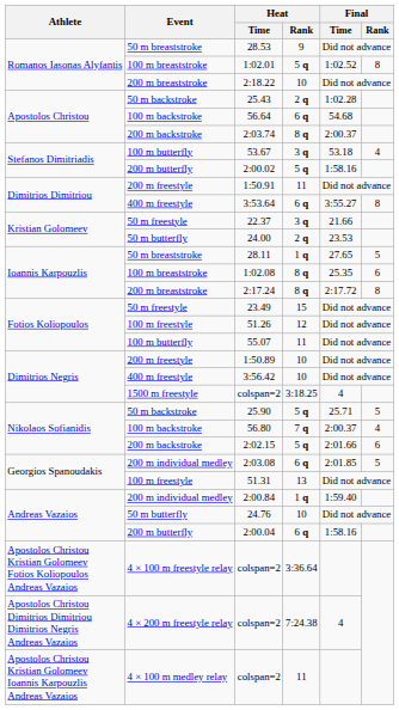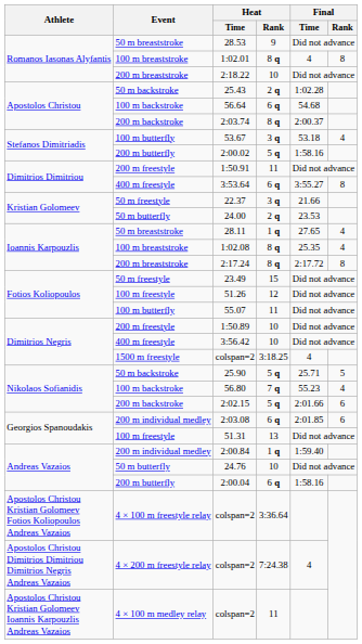 <table class=wikitable style="font-size:90%">
 <tr>
 <th rowspan="2">Athlete</th>
 <th rowspan="2">Event</th>
 <th colspan="2">Heat</th>
 <th colspan="2">Final</th>
 </tr>
 <tr style="font-size:95%">
 <th>Time</th>
 <th>Rank</th>
 <th>Time</th>
 <th>Rank</th>
 </tr>
 <tr align=center>
 <td align=left rowspan=3><a href='#'>Romanos Iasonas Alyfantis</a></td>
 <td align=left><a href='#'>50 m breaststroke</a></td>
 <td>28.53</td>
 <td>9</td>
 <td colspan=2>Did not advance</td>
 </tr>
 <tr align=center>
 <td align=left><a href='#'>100 m breaststroke</a></td>
 <td>1:02.01</td>
-<td>5 <strong>q</strong></td>
-<td>1:02.52</td>
+<td>8 <strong>q</strong></td>
+<td>4</td>
 <td>8</td>
 </tr>
 <tr align=center>
 <td align=left><a href='#'>200 m breaststroke</a></td>
 <td>2:18.22</td>
 <td>10</td>
 <td colspan=2>Did not advance</td>
 </tr>
 <tr align=center>
 <td align=left rowspan=3><a href='#'>Apostolos Christou</a></td>
 <td align=left><a href='#'>50 m backstroke</a></td>
 <td>25.43</td>
 <td>2 <strong>q</strong></td>
 <td>1:02.28</td>
 <td></td>
 </tr>
 <tr align=center>
 <td align=left><a href='#'>100 m backstroke</a></td>
 <td>56.64</td>
 <td>6 <strong>q</strong></td>
 <td>54.68</td>
 <td></td>
 </tr>
 <tr align=center>
 <td align=left><a href='#'>200 m backstroke</a></td>
 <td>2:03.74</td>
 <td>8 <strong>q</strong></td>
 <td>2:00.37</td>
 <td></td>
 </tr>
 <tr align=center>
 <td align=left rowspan=2><a href='#'>Stefanos Dimitriadis</a></td>
 <td align=left><a href='#'>100 m butterfly</a></td>
 <td>53.67</td>
 <td>3 <strong>q</strong></td>
 <td>53.18</td>
 <td>4</td>
 </tr>
 <tr align=center>
 <td align=left><a href='#'>200 m butterfly</a></td>
 <td>2:00.02</td>
 <td>5 <strong>q</strong></td>
 <td>1:58.16</td>
 <td></td>
 </tr>
 <tr align=center>
 <td align=left rowspan=2><a href='#'>Dimitrios Dimitriou</a></td>
 <td align=left><a href='#'>200 m freestyle</a></td>
 <td>1:50.91</td>
 <td>11</td>
 <td colspan=2>Did not advance</td>
 </tr>
 <tr align=center>
 <td align=left><a href='#'>400 m freestyle</a></td>
 <td>3:53.64</td>
 <td>6 <strong>q</strong></td>
 <td>3:55.27</td>
 <td>8</td>
 </tr>
 <tr align=center>
 <td align=left rowspan=2><a href='#'>Kristian Golomeev</a></td>
 <td align=left><a href='#'>50 m freestyle</a></td>
 <td>22.37</td>
 <td>3 <strong>q</strong></td>
 <td>21.66</td>
 <td></td>
 </tr>
 <tr align=center>
 <td align=left><a href='#'>50 m butterfly</a></td>
 <td>24.00</td>
 <td>2 <strong>q</strong></td>
 <td>23.53</td>
 <td></td>
 </tr>
 <tr align=center>
 <td align=left rowspan=3><a href='#'>Ioannis Karpouzlis</a></td>
 <td align=left><a href='#'>50 m breaststroke</a></td>
 <td>28.11</td>
 <td>1 <strong>q</strong></td>
 <td>27.65</td>
-<td>5</td>
+<td>4</td>
 </tr>
 <tr align=center>
 <td align=left><a href='#'>100 m breaststroke</a></td>
 <td>1:02.08</td>
 <td>8 <strong>q</strong></td>
 <td>25.35</td>
-<td>6</td>
+<td>4</td>
 </tr>
 <tr align=center>
 <td align=left><a href='#'>200 m breaststroke</a></td>
 <td>2:17.24</td>
 <td>8 <strong>q</strong></td>
 <td>2:17.72</td>
 <td>8</td>
 </tr>
 <tr align=center>
 <td align=left rowspan=3><a href='#'>Fotios Koliopoulos</a></td>
 <td align=left><a href='#'>50 m freestyle</a></td>
 <td>23.49</td>
 <td>15</td>
 <td colspan=2>Did not advance</td>
 </tr>
 <tr align=center>
 <td align=left><a href='#'>100 m freestyle</a></td>
 <td>51.26</td>
 <td>12</td>
 <td colspan=2>Did not advance</td>
 </tr>
 <tr align=center>
 <td align=left><a href='#'>100 m butterfly</a></td>
 <td>55.07</td>
 <td>11</td>
 <td colspan=2>Did not advance</td>
 </tr>
 <tr align=center>
 <td align=left rowspan=3><a href='#'>Dimitrios Negris</a></td>
 <td align=left><a href='#'>200 m freestyle</a></td>
 <td>1:50.89</td>
 <td>10</td>
 <td colspan=2>Did not advance</td>
 </tr>
 <tr align=center>
 <td align=left><a href='#'>400 m freestyle</a></td>
 <td>3:56.42</td>
 <td>10</td>
 <td colspan=2>Did not advance</td>
 </tr>
 <tr align=center>
 <td align=left><a href='#'>1500 m freestyle</a></td>
 <td>colspan=2 </td>
 <td>3:18.25</td>
 <td>4</td>
 </tr>
 <tr align=center>
 <td align=left rowspan=3><a href='#'>Nikolaos Sofianidis</a></td>
 <td align=left><a href='#'>50 m backstroke</a></td>
 <td>25.90</td>
 <td>5 <strong>q</strong></td>
 <td>25.71</td>
 <td>5</td>
 </tr>
 <tr align=center>
 <td align=left><a href='#'>100 m backstroke</a></td>
 <td>56.80</td>
 <td>7 <strong>q</strong></td>
-<td>2:00.37</td>
+<td>55.23</td>
 <td>4</td>
 </tr>
 <tr align=center>
 <td align=left><a href='#'>200 m backstroke</a></td>
 <td>2:02.15</td>
 <td>5 <strong>q</strong></td>
 <td>2:01.66</td>
 <td>6</td>
 </tr>
 <tr align=center>
 <td align=left rowspan=2>Georgios Spanoudakis</td>
 <td align=left><a href='#'>200 m individual medley</a></td>
 <td>2:03.08</td>
 <td>6 <strong>q</strong></td>
 <td>2:01.85</td>
-<td>5</td>
+<td>6</td>
 </tr>
 <tr align=center>
 <td align=left><a href='#'>100 m freestyle</a></td>
 <td>51.31</td>
 <td>13</td>
 <td colspan=2>Did not advance</td>
 </tr>
 <tr align=center>
 <td align=left rowspan=3><a href='#'>Andreas Vazaios</a></td>
 <td align=left><a href='#'>200 m individual medley</a></td>
 <td>2:00.84</td>
 <td>1 <strong>q</strong></td>
 <td>1:59.40</td>
 <td></td>
 </tr>
 <tr align=center>
 <td align=left><a href='#'>50 m butterfly</a></td>
 <td>24.76</td>
 <td>10</td>
 <td colspan=2>Did not advance</td>
 </tr>
 <tr align=center>
 <td align=left><a href='#'>200 m butterfly</a></td>
 <td>2:00.04</td>
 <td>6 <strong>q</strong></td>
 <td>1:58.16</td>
 <td></td>
 </tr>
 <tr align=center>
 <td align=left><a href='#'>Apostolos Christou</a><br><a href='#'>Kristian Golomeev</a><br><a href='#'>Fotios Koliopoulos</a><br><a href='#'>Andreas Vazaios</a></td>
 <td align=left><a href='#'>4 × 100 m freestyle relay</a></td>
 <td>colspan=2 </td>
 <td>3:36.64</td>
 <td></td>
 </tr>
 <tr align=center>
 <td align=left><a href='#'>Apostolos Christou</a><br><a href='#'>Dimitrios Dimitriou</a><br><a href='#'>Dimitrios Negris</a><br><a href='#'>Andreas Vazaios</a></td>
 <td align=left><a href='#'>4 × 200 m freestyle relay</a></td>
 <td>colspan=2 </td>
 <td>7:24.38</td>
 <td>4</td>
 </tr>
 <tr align=center>
 <td align=left><a href='#'>Apostolos Christou</a><br><a href='#'>Kristian Golomeev</a><br><a href='#'>Ioannis Karpouzlis</a><br><a href='#'>Andreas Vazaios</a></td>
 <td align=left><a href='#'>4 × 100 m medley relay</a></td>
 <td>colspan=2 </td>
 <td>11</td>
 <td></td>
 </tr>
 </table>
